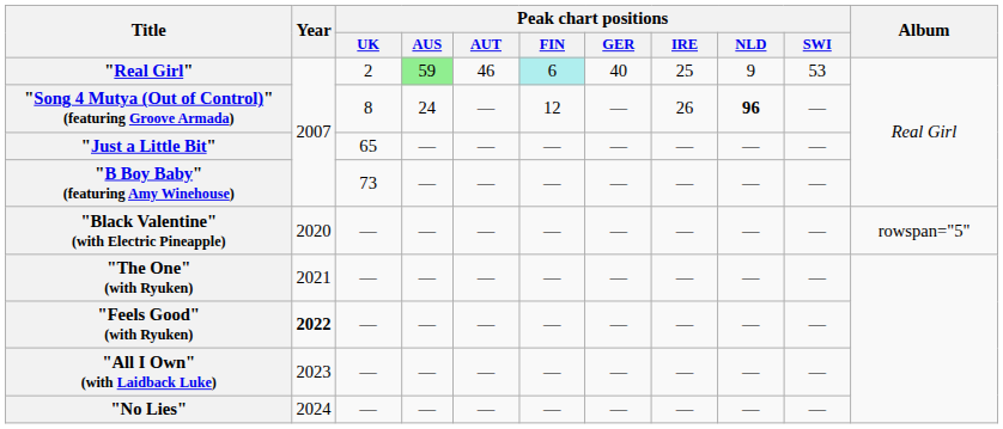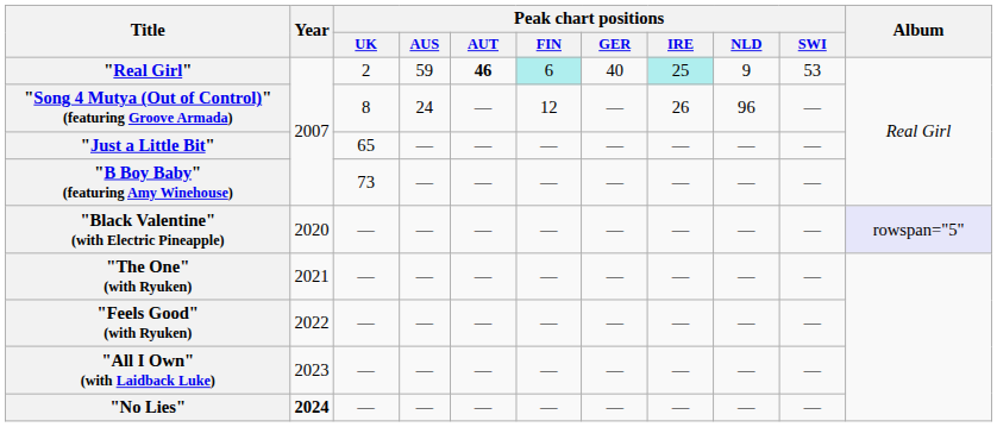 <table class="wikitable plainrowheaders" style="text-align:center;">
 <tr>
 <th scope="col" rowspan="2" style="width:16em;">Title</th>
 <th rowspan="2">Year</th>
 <th colspan="8">Peak chart positions</th>
 <th scope="col" rowspan="2" style="width:8em;">Album</th>
 </tr>
 <tr>
 <th style="width:4em;font-size:85%"><a href='#'>UK</a><br></th>
 <th style="width:3em;font-size:85%"><a href='#'>AUS</a><br></th>
 <th style="width:4em;font-size:85%"><a href='#'>AUT</a><br></th>
 <th style="width:4em;font-size:85%"><a href='#'>FIN</a><br></th>
 <th style="width:4em;font-size:85%"><a href='#'>GER</a><br></th>
 <th style="width:4em;font-size:85%"><a href='#'>IRE</a><br></th>
 <th style="width:4em;font-size:85%"><a href='#'>NLD</a><br></th>
 <th style="width:4em;font-size:85%"><a href='#'>SWI</a><br></th>
 </tr>
 <tr>
 <th scope="row">"<a href='#'>Real Girl</a>"</th>
 <td rowspan="4">2007</td>
 <td>2</td>
-<td style="background: lightgreen;">59</td>
-<td>46</td>
+<td>59</td>
+<td><strong>46</strong></td>
 <td style="background: paleturquoise;">6</td>
 <td>40</td>
-<td>25</td>
+<td style="background: paleturquoise;">25</td>
 <td>9</td>
 <td>53</td>
 <td rowspan="4"><em>Real Girl</em></td>
 </tr>
 <tr>
 <th scope="row">"<a href='#'>Song 4 Mutya (Out of Control)</a>"<br><small>(featuring <a href='#'>Groove Armada</a>)</small></th>
 <td>8</td>
 <td>24</td>
 <td>—</td>
 <td>12</td>
 <td>—</td>
 <td>26</td>
-<td><strong>96</strong></td>
+<td>96</td>
 <td>—</td>
 </tr>
 <tr>
 <th scope="row">"<a href='#'>Just a Little Bit</a>"</th>
 <td>65</td>
 <td>—</td>
 <td>—</td>
 <td>—</td>
 <td>—</td>
 <td>—</td>
 <td>—</td>
 <td>—</td>
 </tr>
 <tr>
 <th scope="row">"<a href='#'>B Boy Baby</a>"<br><small>(featuring <a href='#'>Amy Winehouse</a>)</small></th>
 <td>73</td>
 <td>—</td>
 <td>—</td>
 <td>—</td>
 <td>—</td>
 <td>—</td>
 <td>—</td>
 <td>—</td>
 </tr>
 <tr>
 <th scope="row">"Black Valentine"<br><small>(with Electric Pineapple)</small></th>
 <td>2020</td>
 <td>—</td>
 <td>—</td>
 <td>—</td>
 <td>—</td>
 <td>—</td>
 <td>—</td>
 <td>—</td>
 <td>—</td>
-<td>rowspan="5" </td>
+<td style="background: lavender;">rowspan="5" </td>
 </tr>
 <tr>
 <th scope="row">"The One"<br><small>(with Ryuken)</small></th>
 <td>2021</td>
 <td>—</td>
 <td>—</td>
 <td>—</td>
 <td>—</td>
 <td>—</td>
 <td>—</td>
 <td>—</td>
 <td>—</td>
 </tr>
 <tr>
 <th scope="row">"Feels Good"<br><small>(with Ryuken)</small></th>
-<td><strong>2022</strong></td>
+<td>2022</td>
 <td>—</td>
 <td>—</td>
 <td>—</td>
 <td>—</td>
 <td>—</td>
 <td>—</td>
 <td>—</td>
 <td>—</td>
 </tr>
 <tr>
 <th scope="row">"All I Own"<br><small>(with <a href='#'>Laidback Luke</a>)</small></th>
 <td>2023</td>
 <td>—</td>
 <td>—</td>
 <td>—</td>
 <td>—</td>
 <td>—</td>
 <td>—</td>
 <td>—</td>
 <td>—</td>
 </tr>
 <tr>
 <th scope="row">"No Lies"<br><small></small></th>
-<td>2024</td>
+<td><strong>2024</strong></td>
 <td>—</td>
 <td>—</td>
 <td>—</td>
 <td>—</td>
 <td>—</td>
 <td>—</td>
 <td>—</td>
 <td>—</td>
 </tr>
 </table>
